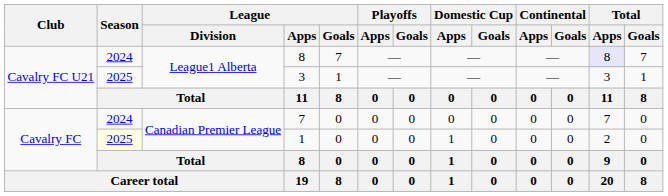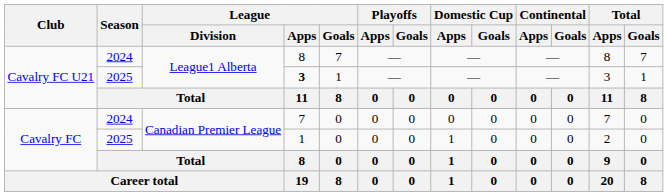 <table class="wikitable" style="text-align: center;">
 <tr>
 <th rowspan="2">Club</th>
 <th rowspan="2">Season</th>
 <th colspan="3">League</th>
 <th colspan="2">Playoffs</th>
 <th colspan="2">Domestic Cup</th>
 <th colspan="2">Continental</th>
 <th colspan="2">Total</th>
 </tr>
 <tr>
 <th>Division</th>
 <th>Apps</th>
 <th>Goals</th>
 <th>Apps</th>
 <th>Goals</th>
 <th>Apps</th>
 <th>Goals</th>
 <th>Apps</th>
 <th>Goals</th>
 <th>Apps</th>
 <th>Goals</th>
 </tr>
 <tr>
 <td rowspan="3"><a href='#'>Cavalry FC U21</a></td>
 <td><a href='#'>2024</a></td>
 <td rowspan="2"><a href='#'>League1 Alberta</a></td>
 <td>8</td>
 <td>7</td>
 <td colspan="2">—</td>
 <td colspan="2">—</td>
 <td colspan="2">—</td>
-<td style="background: lavender;">8</td>
+<td>8</td>
 <td>7</td>
 </tr>
 <tr>
 <td><a href='#'>2025</a></td>
-<td>3</td>
+<td><strong>3</strong></td>
 <td>1</td>
 <td colspan="2">—</td>
 <td colspan="2">—</td>
 <td colspan="2">—</td>
 <td>3</td>
 <td>1</td>
 </tr>
 <tr>
 <th colspan="2">Total</th>
 <th>11</th>
 <th>8</th>
 <th>0</th>
 <th>0</th>
 <th>0</th>
 <th>0</th>
 <th>0</th>
 <th>0</th>
 <th>11</th>
 <th>8</th>
 </tr>
 <tr>
 <td rowspan="3"><a href='#'>Cavalry FC</a></td>
 <td><a href='#'>2024</a></td>
 <td rowspan="2"><a href='#'>Canadian Premier League</a></td>
 <td>7</td>
 <td>0</td>
 <td>0</td>
 <td>0</td>
 <td>0</td>
 <td>0</td>
 <td>0</td>
 <td>0</td>
 <td>7</td>
 <td>0</td>
 </tr>
 <tr>
-<td style="background: lightyellow;"><a href='#'>2025</a></td>
+<td><a href='#'>2025</a></td>
 <td>1</td>
 <td>0</td>
 <td>0</td>
 <td>0</td>
 <td>1</td>
 <td>0</td>
 <td>0</td>
 <td>0</td>
 <td>2</td>
 <td>0</td>
 </tr>
 <tr>
 <th colspan="2">Total</th>
 <th>8</th>
 <th>0</th>
 <th>0</th>
 <th>0</th>
 <th>1</th>
 <th>0</th>
 <th>0</th>
 <th>0</th>
 <th>9</th>
 <th>0</th>
 </tr>
 <tr>
 <th colspan="3">Career total</th>
 <th>19</th>
 <th>8</th>
 <th>0</th>
 <th>0</th>
 <th>1</th>
 <th>0</th>
 <th>0</th>
 <th>0</th>
 <th>20</th>
 <th>8</th>
 </tr>
 </table>
